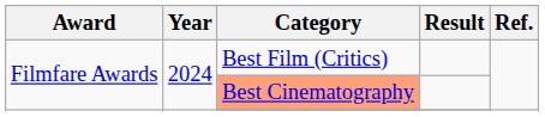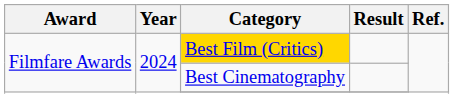 <table class="wikitable">
 <tr>
 <th>Award</th>
 <th>Year</th>
 <th>Category</th>
 <th>Result</th>
 <th>Ref.</th>
 </tr>
 <tr>
 <td rowspan="8"><a href='#'>Filmfare Awards</a></td>
 <td rowspan="8"><a href='#'>2024</a></td>
-<td><a href='#'>Best Film (Critics)</a></td>
+<td style="background: gold;"><a href='#'>Best Film (Critics)</a></td>
 <td></td>
 <td rowspan="8"></td>
 </tr>
 <tr>
-<td style="background: lightsalmon;"><a href='#'>Best Cinematography</a></td>
+<td><a href='#'>Best Cinematography</a></td>
 <td></td>
 </tr>
 <tr>
 </tr>
 </table>
